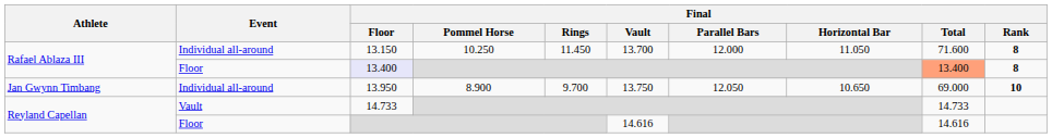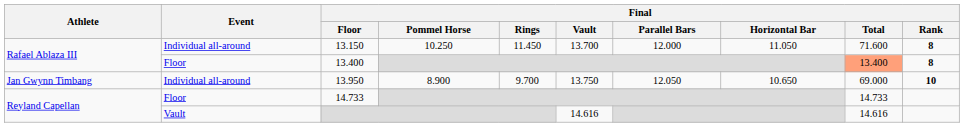 <table class="wikitable" width="85%" style="text-align:left; font-size:90%">
 <tr>
 <th rowspan=2>Athlete</th>
 <th rowspan=2>Event</th>
 <th colspan=8>Final</th>
 </tr>
 <tr>
 <th>Floor</th>
 <th>Pommel Horse</th>
 <th>Rings</th>
 <th>Vault</th>
 <th>Parallel Bars</th>
 <th>Horizontal Bar</th>
 <th>Total</th>
 <th width="6%">Rank</th>
 </tr>
 <tr>
 <td rowspan=2><a href='#'>Rafael Ablaza III</a></td>
 <td><a href='#'>Individual all-around</a></td>
 <td style="text-align:center;">13.150</td>
 <td style="text-align:center;">10.250</td>
 <td style="text-align:center;">11.450</td>
 <td style="text-align:center;">13.700</td>
 <td style="text-align:center;">12.000</td>
 <td style="text-align:center;">11.050</td>
 <td style="text-align:center;">71.600</td>
 <td style="text-align:center;"><strong>8</strong></td>
 </tr>
 <tr>
 <td><a href='#'>Floor</a></td>
-<td style="background: lavender; text-align:center;">13.400</td>
+<td style="text-align:center;">13.400</td>
 <td bgcolor=#DCDCDC colspan=5></td>
 <td style="background: lightsalmon; text-align:center;">13.400</td>
 <td style="text-align:center;"><strong>8</strong></td>
 </tr>
 <tr>
 <td><a href='#'>Jan Gwynn Timbang</a></td>
 <td><a href='#'>Individual all-around</a></td>
 <td style="text-align:center;">13.950</td>
 <td style="text-align:center;">8.900</td>
 <td style="text-align:center;">9.700</td>
 <td style="text-align:center;">13.750</td>
 <td style="text-align:center;">12.050</td>
 <td style="text-align:center;">10.650</td>
 <td style="text-align:center;">69.000</td>
 <td style="text-align:center;"><strong>10</strong></td>
 </tr>
 <tr>
 <td rowspan=2><a href='#'>Reyland Capellan</a></td>
-<td><a href='#'>Vault</a></td>
+<td><a href='#'>Floor</a></td>
 <td style="text-align:center;">14.733</td>
 <td bgcolor=#DCDCDC colspan=5></td>
 <td style="text-align:center;">14.733</td>
 <td style="text-align:center;"></td>
 </tr>
 <tr>
-<td><a href='#'>Floor</a></td>
+<td><a href='#'>Vault</a></td>
 <td bgcolor=#DCDCDC colspan=3></td>
 <td style="text-align:center;">14.616</td>
 <td bgcolor=#DCDCDC colspan=2></td>
 <td style="text-align:center;">14.616</td>
 <td style="text-align:center;"></td>
 </tr>
 </table>
